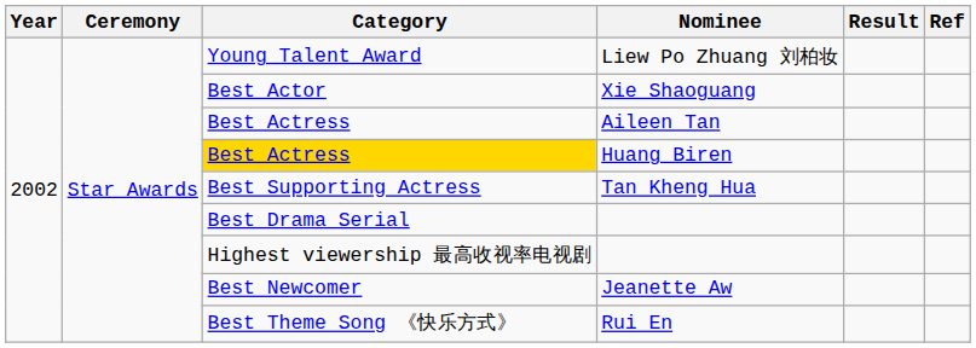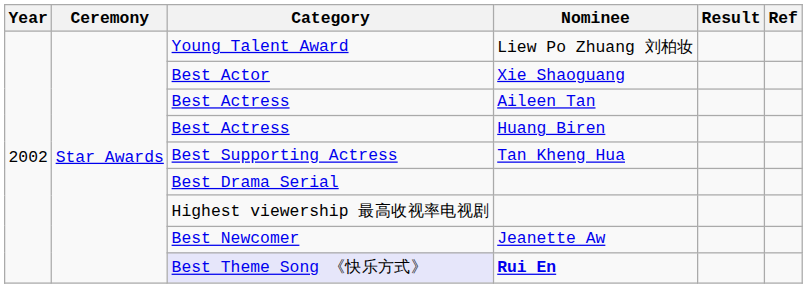 <table class="wikitable">
 <tr>
 <th>Year</th>
 <th>Ceremony</th>
 <th>Category</th>
 <th>Nominee</th>
 <th>Result</th>
 <th>Ref</th>
 </tr>
 <tr>
 <td rowspan="9">2002</td>
 <td rowspan="9"><a href='#'>Star Awards</a></td>
 <td><a href='#'>Young Talent Award</a></td>
 <td>Liew Po Zhuang 刘柏妆</td>
 <td></td>
 <td></td>
 </tr>
 <tr>
 <td><a href='#'>Best Actor</a></td>
 <td><a href='#'>Xie Shaoguang</a></td>
 <td></td>
 <td></td>
 </tr>
 <tr>
 <td><a href='#'>Best Actress</a></td>
 <td><a href='#'>Aileen Tan</a></td>
 <td></td>
 <td></td>
 </tr>
 <tr>
-<td style="background: gold;"><a href='#'>Best Actress</a></td>
+<td><a href='#'>Best Actress</a></td>
 <td><a href='#'>Huang Biren</a></td>
 <td></td>
 <td></td>
 </tr>
 <tr>
 <td><a href='#'>Best Supporting Actress</a></td>
 <td><a href='#'>Tan Kheng Hua</a></td>
 <td></td>
 <td></td>
 </tr>
 <tr>
 <td><a href='#'>Best Drama Serial</a></td>
 <td></td>
 <td></td>
 <td></td>
 </tr>
 <tr>
 <td>Highest viewership 最高收视率电视剧</td>
 <td></td>
 <td></td>
 <td></td>
 </tr>
 <tr>
 <td><a href='#'>Best Newcomer</a></td>
 <td><a href='#'>Jeanette Aw</a></td>
 <td></td>
 <td></td>
 </tr>
 <tr>
-<td><a href='#'>Best Theme Song</a> 《快乐方式》</td>
-<td><a href='#'>Rui En</a></td>
+<td style="background: lavender;"><a href='#'>Best Theme Song</a> 《快乐方式》</td>
+<td><strong><a href='#'>Rui En</a></strong></td>
 <td></td>
 <td></td>
 </tr>
 </table>
